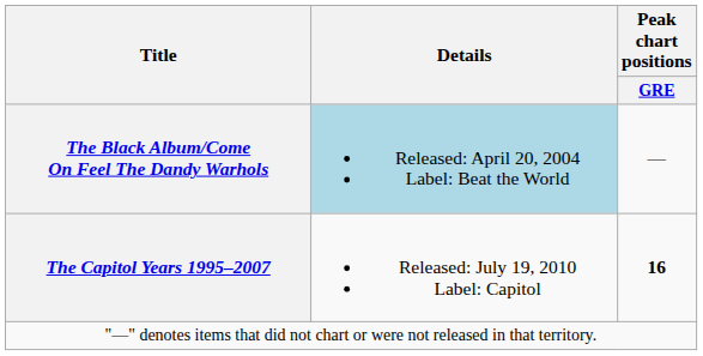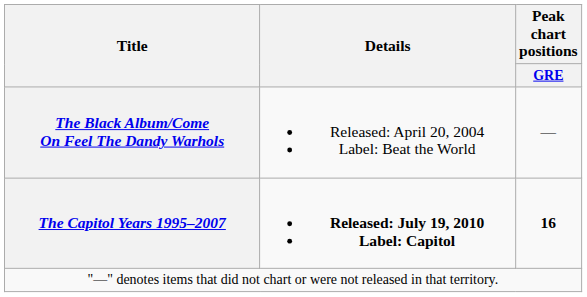 <table class="wikitable plainrowheaders" style="text-align:center;">
 <tr>
 <th scope="col" rowspan="2" style="width:16em;">Title</th>
 <th scope="col" rowspan="2" style="width:16em;">Details</th>
 <th scope="col" colspan="1">Peak<br>chart<br>positions</th>
 </tr>
 <tr>
 <th style="width:2em;font-size:90%;"><a href='#'>GRE</a><br></th>
 </tr>
 <tr>
 <th scope="row"><em><a href='#'>The Black Album/Come<br>On Feel The Dandy Warhols</a></em></th>
-<td style="background: lightblue;"><br><ul><li>Released: April 20, 2004</li><li>Label: Beat the World</li></ul></td>
+<td><br><ul><li>Released: April 20, 2004</li><li>Label: Beat the World</li></ul></td>
 <td>—</td>
 </tr>
 <tr>
 <th scope="row"><em><a href='#'>The Capitol Years 1995–2007</a></em></th>
-<td><br><ul><li>Released: July 19, 2010</li><li>Label: Capitol</li></ul></td>
+<td><strong><br><ul><li>Released: July 19, 2010</li><li>Label: Capitol</li></ul></strong></td>
 <td><strong>16</strong></td>
 </tr>
 <tr>
 <td colspan="15" style="font-size:90%">"—" denotes items that did not chart or were not released in that territory.</td>
 </tr>
 </table>
